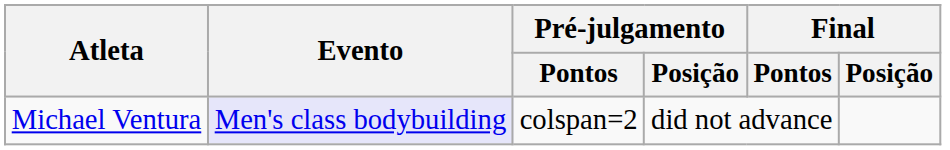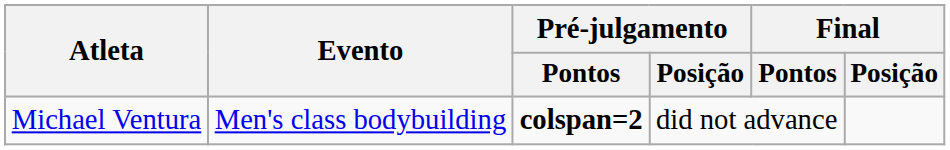 <table class=wikitable style="font-size:90%">
 <tr>
 <th rowspan="2">Atleta</th>
 <th rowspan="2">Evento</th>
 <th colspan="2">Pré-julgamento</th>
 <th colspan="2">Final</th>
 </tr>
 <tr style="font-size:95%">
 <th>Pontos</th>
 <th>Posição</th>
 <th>Pontos</th>
 <th>Posição</th>
 </tr>
 <tr align=center>
 <td align=left><a href='#'>Michael Ventura</a></td>
-<td align=left style="background: lavender;"><a href='#'>Men's class bodybuilding</a></td>
-<td>colspan=2 </td>
+<td align=left><a href='#'>Men's class bodybuilding</a></td>
+<td><strong>colspan=2 </strong></td>
 <td colspan=2>did not advance</td>
 </tr>
 </table>
